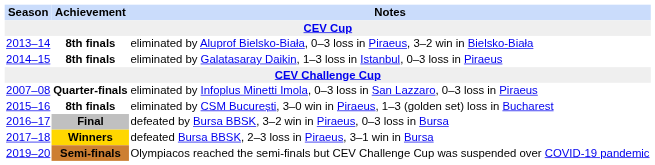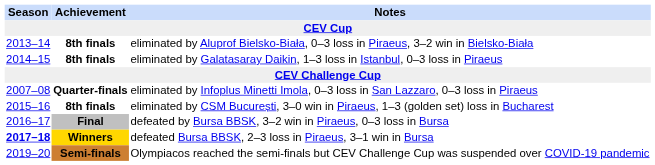 <table class="toccolours" border="0" cellpadding="2" cellspacing="0" align="left" style="margin:0.5em;">
 <tr bgcolor=#CADCFB>
 <th>Season</th>
 <th>Achievement</th>
 <th>Notes</th>
 </tr>
 <tr>
 <th colspan="4" bgcolor=#EFEFEF><strong><a href='#'>CEV Cup</a></strong></th>
 </tr>
 <tr>
 <td align="center"><a href='#'>2013–14</a></td>
 <td align="center"><strong>8th finals</strong></td>
 <td align="left">eliminated by <a href='#'>Aluprof Bielsko-Biała</a>, 0–3 loss in <a href='#'>Piraeus</a>, 3–2 win in <a href='#'>Bielsko-Biała</a></td>
 </tr>
 <tr>
 <td align="center"><a href='#'>2014–15</a></td>
 <td align="center"><strong>8th finals</strong></td>
 <td align="left">eliminated by <a href='#'>Galatasaray Daikin</a>, 1–3 loss in <a href='#'>Istanbul</a>, 0–3 loss in <a href='#'>Piraeus</a></td>
 </tr>
 <tr>
 <th colspan="4" bgcolor=#EFEFEF><strong><a href='#'>CEV Challenge Cup</a></strong></th>
 </tr>
 <tr>
 <td align="center"><a href='#'>2007–08</a></td>
 <td align="center"><strong>Quarter-finals</strong></td>
 <td align="left">eliminated by <a href='#'>Infoplus Minetti Imola</a>, 0–3 loss in <a href='#'>San Lazzaro</a>, 0–3 loss in <a href='#'>Piraeus</a></td>
 </tr>
 <tr>
 <td align="center"><a href='#'>2015–16</a></td>
 <td align="center"><strong>8th finals</strong></td>
 <td align="left">eliminated by <a href='#'>CSM București</a>, 3–0 win in <a href='#'>Piraeus</a>, 1–3 (golden set) loss in <a href='#'>Bucharest</a></td>
 </tr>
 <tr>
 <td align="center"><a href='#'>2016–17</a></td>
 <td align="center" bgcolor= silver><strong>Final</strong></td>
 <td align="left">defeated by <a href='#'>Bursa BBSK</a>, 3–2 win in <a href='#'>Piraeus</a>, 0–3 loss in <a href='#'>Bursa</a></td>
 </tr>
 <tr>
-<td align="center"><a href='#'>2017–18</a></td>
+<td align="center"><strong><a href='#'>2017–18</a></strong></td>
 <td align="center" bgcolor= gold><strong>Winners</strong></td>
 <td align="left">defeated <a href='#'>Bursa BBSK</a>, 2–3 loss in <a href='#'>Piraeus</a>, 3–1 win in <a href='#'>Bursa</a></td>
 </tr>
 <tr>
 <td align="center"><a href='#'>2019–20</a></td>
 <td align="center" bgcolor= #CD7F32><strong>Semi-finals</strong></td>
 <td align="left">Olympiacos reached the semi-finals but CEV Challenge Cup was suspended over <a href='#'>COVID-19 pandemic</a></td>
 </tr>
 <tr>
 </tr>
 </table>
